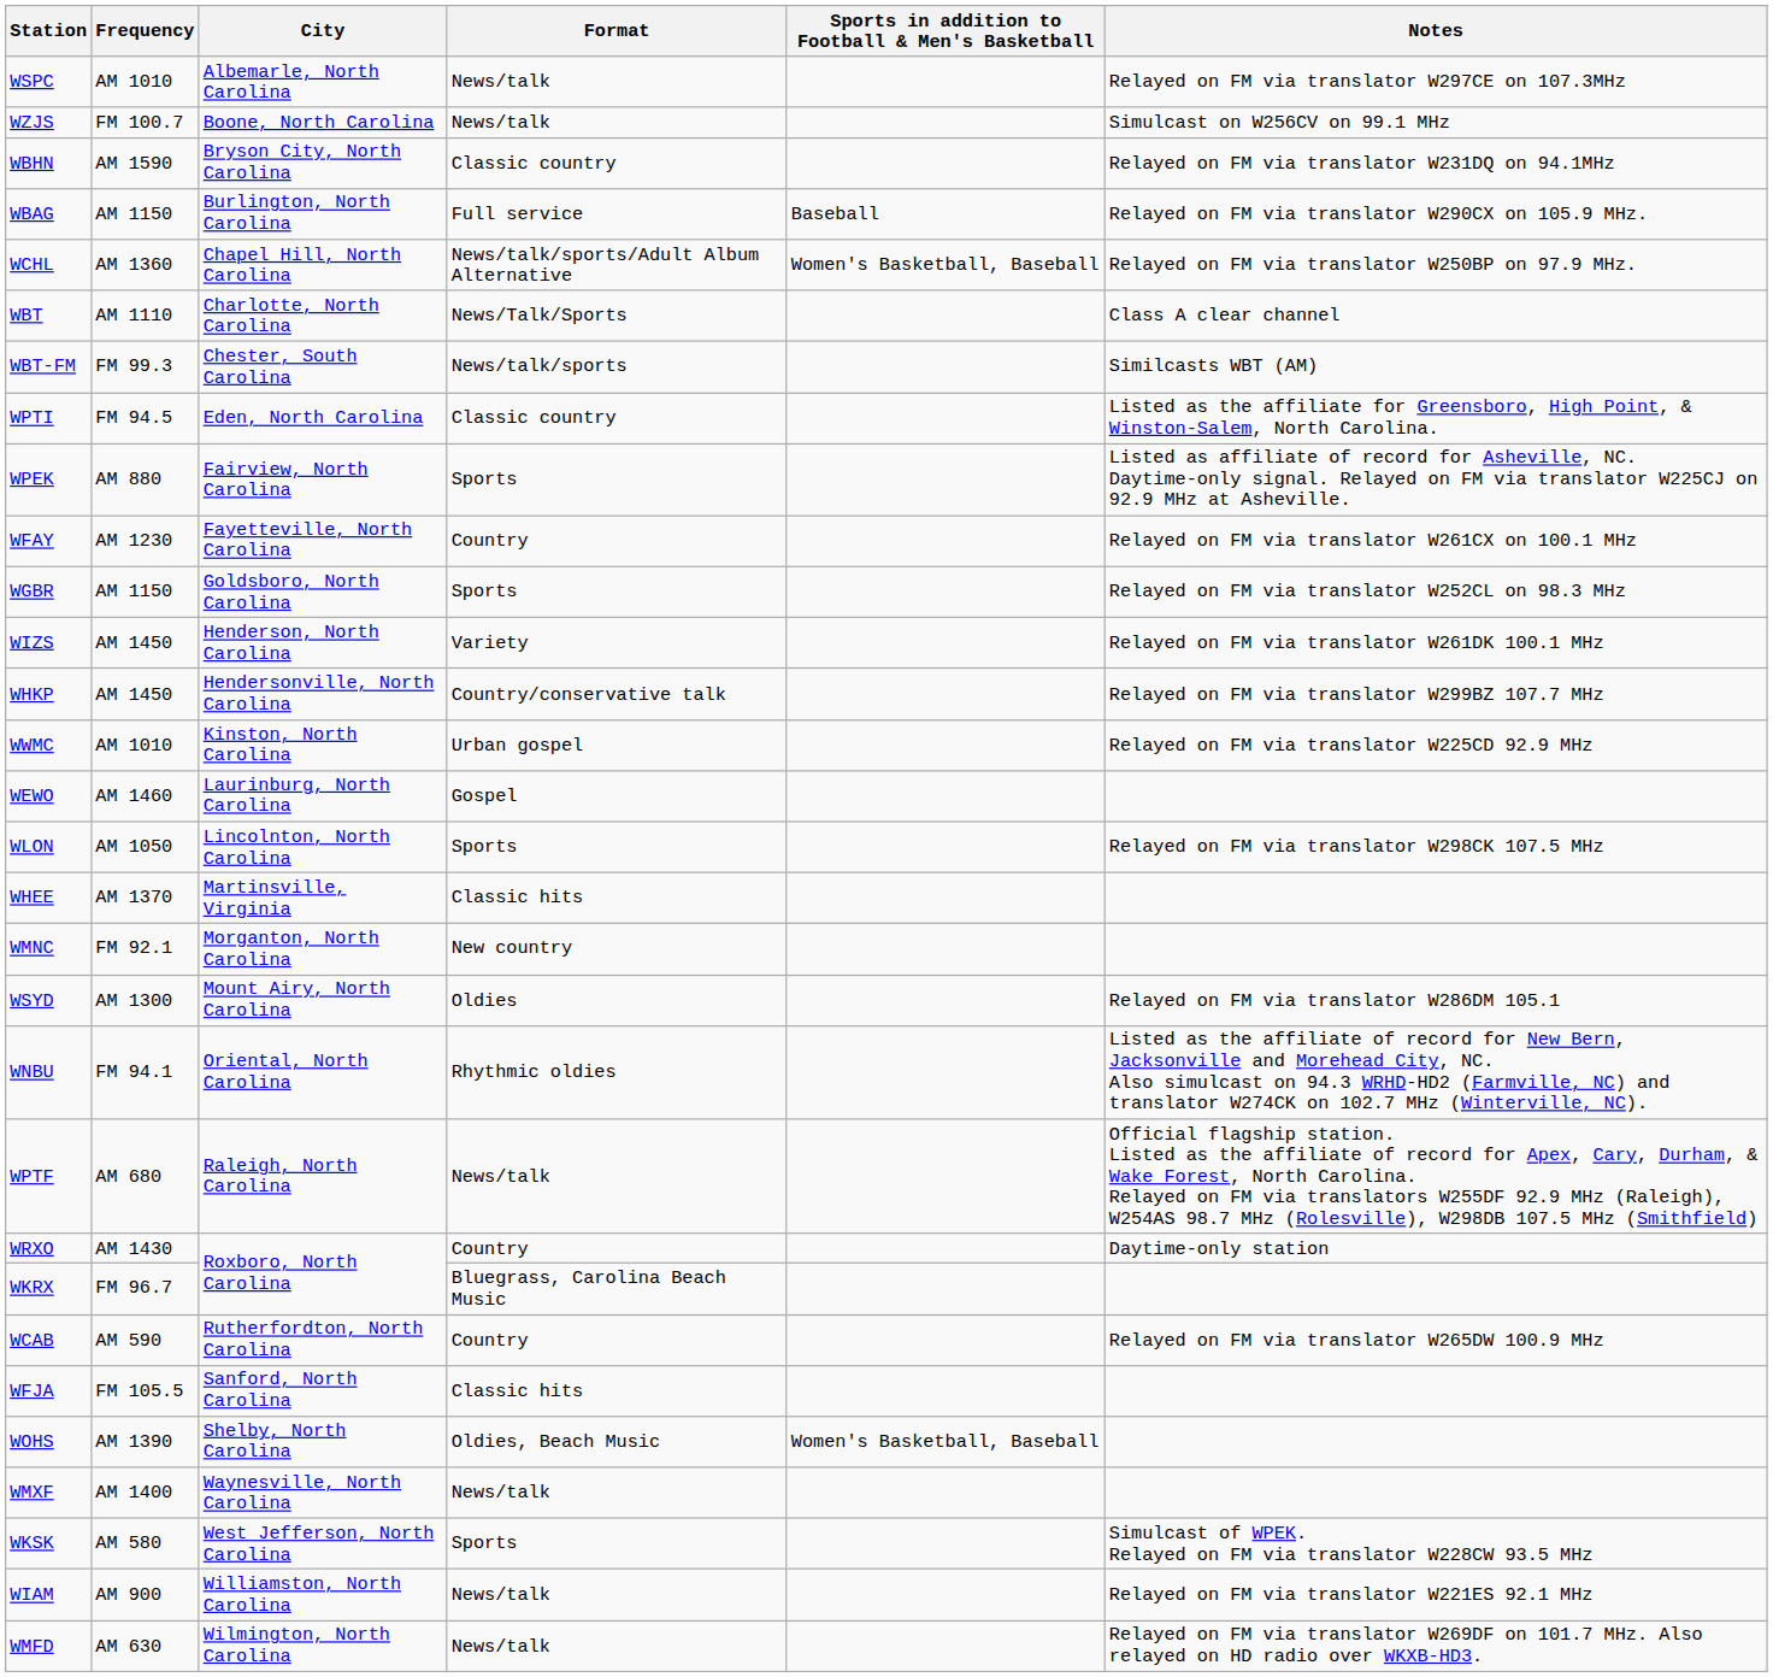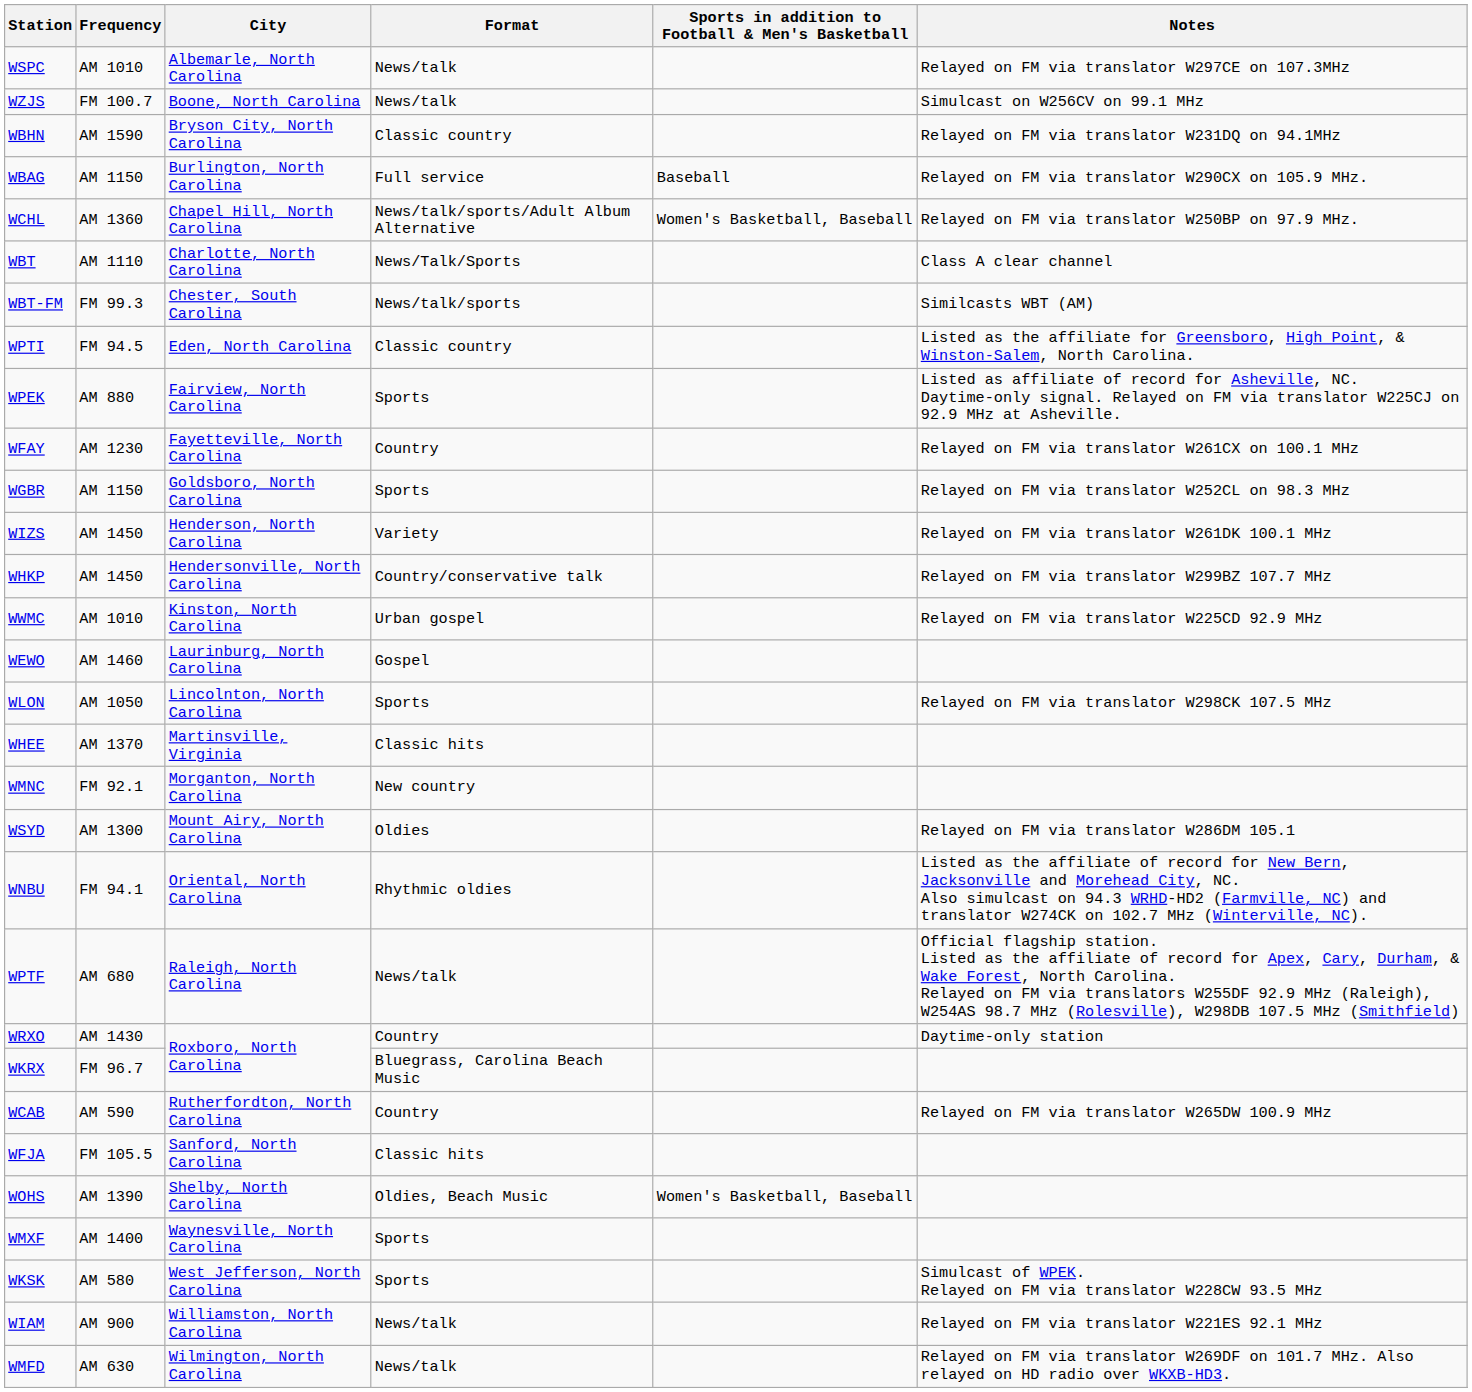 <table class="wikitable sortable">
 <tr>
 <th>Station</th>
 <th>Frequency</th>
 <th>City</th>
 <th>Format</th>
 <th>Sports in addition to Football & Men's Basketball</th>
 <th>Notes</th>
 </tr>
 <tr>
 <td><a href='#'>WSPC</a></td>
 <td data-sort-value=001010>AM 1010</td>
 <td><a href='#'>Albemarle, North Carolina</a></td>
 <td>News/talk</td>
 <td></td>
 <td>Relayed on FM via translator W297CE on 107.3MHz</td>
 </tr>
 <tr>
 <td><a href='#'>WZJS</a></td>
 <td data-sort-value=100700>FM 100.7</td>
 <td><a href='#'>Boone, North Carolina</a></td>
 <td>News/talk</td>
 <td></td>
 <td>Simulcast on W256CV on 99.1 MHz</td>
 </tr>
 <tr>
 <td><a href='#'>WBHN</a></td>
 <td data-sort-value=001590>AM 1590</td>
 <td><a href='#'>Bryson City, North Carolina</a></td>
 <td>Classic country</td>
 <td></td>
 <td>Relayed on FM via translator W231DQ on 94.1MHz</td>
 </tr>
 <tr>
 <td><a href='#'>WBAG</a></td>
 <td data-sort-value=001150>AM 1150</td>
 <td><a href='#'>Burlington, North Carolina</a></td>
 <td>Full service</td>
 <td>Baseball</td>
 <td>Relayed on FM via translator W290CX on 105.9 MHz.</td>
 </tr>
 <tr>
 <td><a href='#'>WCHL</a></td>
 <td data-sort-value=001360>AM 1360</td>
 <td><a href='#'>Chapel Hill, North Carolina</a></td>
 <td>News/talk/sports/Adult Album Alternative</td>
 <td>Women's Basketball, Baseball</td>
 <td>Relayed on FM via translator W250BP on 97.9 MHz.</td>
 </tr>
 <tr>
 <td><a href='#'>WBT</a></td>
 <td data-sort-value=001110>AM 1110</td>
 <td><a href='#'>Charlotte, North Carolina</a></td>
 <td>News/Talk/Sports</td>
 <td></td>
 <td>Class A clear channel</td>
 </tr>
 <tr>
 <td><a href='#'>WBT-FM</a></td>
 <td data-sort-value=099300>FM 99.3</td>
 <td><a href='#'>Chester, South Carolina</a></td>
 <td>News/talk/sports</td>
 <td></td>
 <td>Similcasts WBT (AM)</td>
 </tr>
 <tr>
 <td><a href='#'>WPTI</a></td>
 <td data-sort-value=094500>FM 94.5</td>
 <td><a href='#'>Eden, North Carolina</a></td>
 <td>Classic country</td>
 <td></td>
 <td>Listed as the affiliate for <a href='#'>Greensboro</a>, <a href='#'>High Point</a>, & <a href='#'>Winston-Salem</a>, North Carolina.</td>
 </tr>
 <tr>
 <td><a href='#'>WPEK</a></td>
 <td data-sort-value=000850>AM 880</td>
 <td><a href='#'>Fairview, North Carolina</a></td>
 <td>Sports</td>
 <td></td>
 <td>Listed as affiliate of record for <a href='#'>Asheville</a>, NC.<br>Daytime-only signal. Relayed on FM via translator W225CJ on 92.9 MHz at Asheville.</td>
 </tr>
 <tr>
 <td><a href='#'>WFAY</a></td>
 <td data-sort-value=001230>AM 1230</td>
 <td><a href='#'>Fayetteville, North Carolina</a></td>
 <td>Country</td>
 <td></td>
 <td>Relayed on FM via translator W261CX on 100.1 MHz</td>
 </tr>
 <tr>
 <td><a href='#'>WGBR</a></td>
 <td data-sort-value=001150>AM 1150</td>
 <td><a href='#'>Goldsboro, North Carolina</a></td>
 <td>Sports</td>
 <td></td>
 <td>Relayed on FM via translator W252CL on 98.3 MHz</td>
 </tr>
 <tr>
 <td><a href='#'>WIZS</a></td>
 <td data-sort-value=001450>AM 1450</td>
 <td><a href='#'>Henderson, North Carolina</a></td>
 <td>Variety</td>
 <td></td>
 <td>Relayed on FM via translator W261DK 100.1 MHz</td>
 </tr>
 <tr>
 <td><a href='#'>WHKP</a></td>
 <td data-sort-value=001450>AM 1450</td>
 <td><a href='#'>Hendersonville, North Carolina</a></td>
 <td>Country/conservative talk</td>
 <td></td>
 <td>Relayed on FM via translator W299BZ 107.7 MHz</td>
 </tr>
 <tr>
 <td><a href='#'>WWMC</a></td>
 <td data-sort-value=001010>AM 1010</td>
 <td><a href='#'>Kinston, North Carolina</a></td>
 <td>Urban gospel</td>
 <td></td>
 <td>Relayed on FM via translator W225CD 92.9 MHz</td>
 </tr>
 <tr>
 <td><a href='#'>WEWO</a></td>
 <td data-sort-value=001460>AM 1460</td>
 <td><a href='#'>Laurinburg, North Carolina</a></td>
 <td>Gospel</td>
 <td></td>
 <td></td>
 </tr>
 <tr>
 <td><a href='#'>WLON</a></td>
 <td data-sort-value=001050>AM 1050</td>
 <td><a href='#'>Lincolnton, North Carolina</a></td>
 <td>Sports</td>
 <td></td>
 <td>Relayed on FM via translator W298CK 107.5 MHz</td>
 </tr>
 <tr>
 <td><a href='#'>WHEE</a></td>
 <td data-sort-value=001370>AM 1370</td>
 <td><a href='#'>Martinsville, Virginia</a></td>
 <td>Classic hits</td>
 <td></td>
 <td></td>
 </tr>
 <tr>
 <td><a href='#'>WMNC</a></td>
 <td data-sort-value=092100>FM 92.1</td>
 <td><a href='#'>Morganton, North Carolina</a></td>
 <td>New country</td>
 <td></td>
 <td></td>
 </tr>
 <tr>
 <td><a href='#'>WSYD</a></td>
 <td data-sort-value=001300>AM 1300</td>
 <td><a href='#'>Mount Airy, North Carolina</a></td>
 <td>Oldies</td>
 <td></td>
 <td>Relayed on FM via translator W286DM 105.1</td>
 </tr>
 <tr>
 <td><a href='#'>WNBU</a></td>
 <td data-sort-value=094100>FM 94.1</td>
 <td><a href='#'>Oriental, North Carolina</a></td>
 <td>Rhythmic oldies</td>
 <td></td>
 <td>Listed as the affiliate of record for <a href='#'>New Bern</a>, <a href='#'>Jacksonville</a> and <a href='#'>Morehead City</a>, NC.<br>Also simulcast on 94.3 <a href='#'>WRHD</a>-HD2 (<a href='#'>Farmville, NC</a>) and translator W274CK on 102.7 MHz (<a href='#'>Winterville, NC</a>).</td>
 </tr>
 <tr>
 <td><a href='#'>WPTF</a></td>
 <td data-sort-value=000680>AM 680</td>
 <td><a href='#'>Raleigh, North Carolina</a></td>
 <td>News/talk</td>
 <td></td>
 <td>Official flagship station.<br>Listed as the affiliate of record for <a href='#'>Apex</a>, <a href='#'>Cary</a>, <a href='#'>Durham</a>, & <a href='#'>Wake Forest</a>, North Carolina.<br>Relayed on FM via translators W255DF 92.9 MHz (Raleigh), W254AS 98.7 MHz (<a href='#'>Rolesville</a>), W298DB 107.5 MHz (<a href='#'>Smithfield</a>)</td>
 </tr>
 <tr>
 <td><a href='#'>WRXO</a></td>
 <td data-sort-value=001430>AM 1430</td>
 <td rowspan=2><a href='#'>Roxboro, North Carolina</a></td>
 <td>Country</td>
 <td></td>
 <td>Daytime-only station</td>
 </tr>
 <tr>
 <td><a href='#'>WKRX</a></td>
 <td data-sort-value=096700>FM 96.7</td>
 <td>Bluegrass, Carolina Beach Music</td>
 <td></td>
 <td></td>
 </tr>
 <tr>
 <td><a href='#'>WCAB</a></td>
 <td data-sort-value=000590>AM 590</td>
 <td><a href='#'>Rutherfordton, North Carolina</a></td>
 <td>Country</td>
 <td></td>
 <td>Relayed on FM via translator W265DW 100.9 MHz</td>
 </tr>
 <tr>
 <td><a href='#'>WFJA</a></td>
 <td data-sort-value=105500>FM 105.5</td>
 <td><a href='#'>Sanford, North Carolina</a></td>
 <td>Classic hits</td>
 <td></td>
 <td></td>
 </tr>
 <tr>
 <td><a href='#'>WOHS</a></td>
 <td data-sort-value=001390>AM 1390</td>
 <td><a href='#'>Shelby, North Carolina</a></td>
 <td>Oldies, Beach Music</td>
 <td>Women's Basketball, Baseball</td>
 <td></td>
 </tr>
 <tr>
 <td><a href='#'>WMXF</a></td>
 <td data-sort-value=001400>AM 1400</td>
 <td><a href='#'>Waynesville, North Carolina</a></td>
-<td>News/talk</td>
+<td>Sports</td>
 <td></td>
 <td></td>
 </tr>
 <tr>
 <td><a href='#'>WKSK</a></td>
 <td data-sort-value=000580>AM 580</td>
 <td><a href='#'>West Jefferson, North Carolina</a></td>
 <td>Sports</td>
 <td></td>
 <td>Simulcast of <a href='#'>WPEK</a>.<br>Relayed on FM via translator W228CW 93.5 MHz</td>
 </tr>
 <tr>
 <td><a href='#'>WIAM</a></td>
 <td data-sort-value=000900>AM 900</td>
 <td><a href='#'>Williamston, North Carolina</a></td>
 <td>News/talk</td>
 <td></td>
 <td>Relayed on FM via translator W221ES 92.1 MHz</td>
 </tr>
 <tr>
 <td><a href='#'>WMFD</a></td>
 <td data-sort-value=000630>AM 630</td>
 <td><a href='#'>Wilmington, North Carolina</a></td>
 <td>News/talk</td>
 <td></td>
 <td>Relayed on FM via translator W269DF on 101.7 MHz. Also relayed on HD radio over <a href='#'>WKXB-HD3</a>.</td>
 </tr>
 <tr>
 </tr>
 </table>
